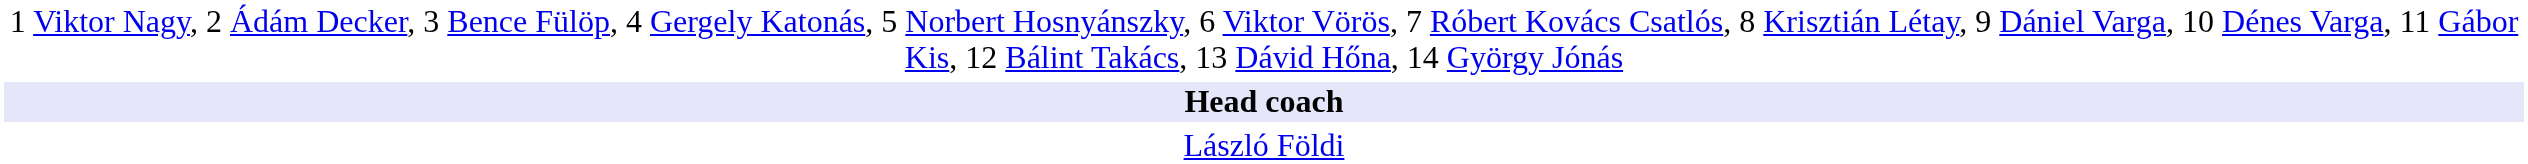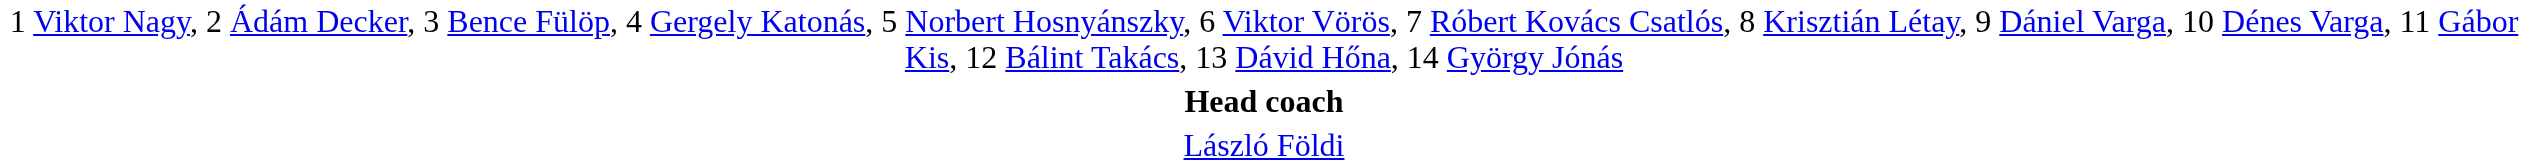 <table style="text-align: center; margin-top: 2em; margin-left: auto; margin-right: auto">
 <tr>
 <td>1 <a href='#'>Viktor Nagy</a>, 2 <a href='#'>Ádám Decker</a>, 3 <a href='#'>Bence Fülöp</a>, 4 <a href='#'>Gergely Katonás</a>, 5 <a href='#'>Norbert Hosnyánszky</a>, 6 <a href='#'>Viktor Vörös</a>, 7 <a href='#'>Róbert Kovács Csatlós</a>, 8 <a href='#'>Krisztián Létay</a>, 9 <a href='#'>Dániel Varga</a>, 10 <a href='#'>Dénes Varga</a>, 11 <a href='#'>Gábor Kis</a>, 12 <a href='#'>Bálint Takács</a>, 13 <a href='#'>Dávid Hőna</a>, 14 <a href='#'>György Jónás</a></td>
 </tr>
 <tr>
-<td style="background: lavender;"><strong>Head coach</strong></td>
+<td><strong>Head coach</strong></td>
 </tr>
 <tr>
 <td><a href='#'>László Földi</a></td>
 </tr>
 </table>
